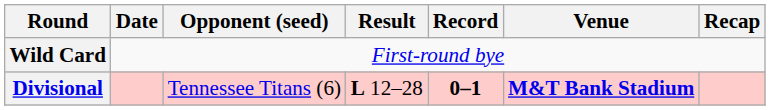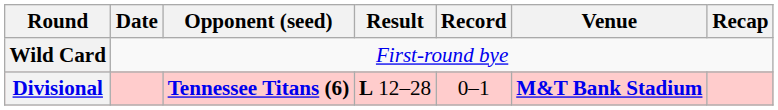 <table class="wikitable" style="text-align:center">
 <tr>
 <th>Round</th>
 <th>Date</th>
 <th>Opponent (seed)</th>
 <th>Result</th>
 <th>Record</th>
 <th>Venue</th>
 <th>Recap</th>
 </tr>
 <tr>
 <th>Wild Card</th>
 <td colspan="6"><em><a href='#'>First-round bye</a></em></td>
 </tr>
 <tr style="background:#fcc">
 <th><a href='#'>Divisional</a></th>
 <td></td>
-<td><a href='#'>Tennessee Titans</a> (6)</td>
+<td><strong><a href='#'>Tennessee Titans</a> (6)</strong></td>
 <td><strong>L</strong> 12–28</td>
-<td><strong>0–1</strong></td>
+<td>0–1</td>
 <td><strong><a href='#'>M&T Bank Stadium</a></strong></td>
 <td></td>
 </tr>
 </table>
